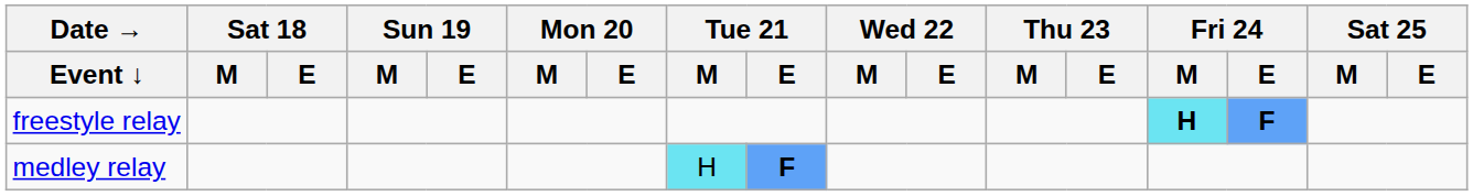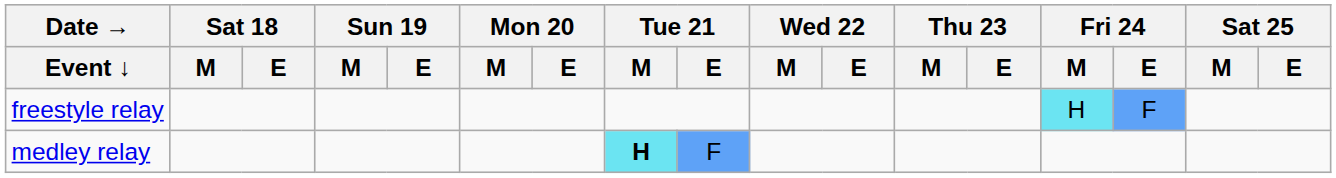 <table class="wikitable" style="margin:0.5em auto; font-size:95%; line-height:1.25em;">
 <tr style="text-align:center;">
 <th>Date →</th>
 <th colspan="2">Sat 18</th>
 <th colspan="2">Sun 19</th>
 <th colspan="2">Mon 20</th>
 <th colspan="2">Tue 21</th>
 <th colspan="2">Wed 22</th>
 <th colspan="2">Thu 23</th>
 <th colspan="2">Fri 24</th>
 <th colspan="2">Sat 25</th>
 </tr>
 <tr>
 <th>Event   ↓</th>
 <th style="width:2.5em;">M</th>
 <th style="width:2.5em;">E</th>
 <th style="width:2.5em;">M</th>
 <th style="width:2.5em;">E</th>
 <th style="width:2.5em;">M</th>
 <th style="width:2.5em;">E</th>
 <th style="width:2.5em;">M</th>
 <th style="width:2.5em;">E</th>
 <th style="width:2.5em;">M</th>
 <th style="width:2.5em;">E</th>
 <th style="width:2.5em;">M</th>
 <th style="width:2.5em;">E</th>
 <th style="width:2.5em;">M</th>
 <th style="width:2.5em;">E</th>
 <th style="width:2.5em;">M</th>
 <th style="width:2.5em;">E</th>
 </tr>
 <tr style="text-align:center;">
 <td style="text-align:left;"><a href='#'> freestyle relay</a></td>
 <td colspan="2"></td>
 <td colspan="2"></td>
 <td colspan="2"></td>
 <td colspan="2"></td>
 <td colspan="2"></td>
 <td colspan="2"></td>
-<td style="background-color:#6be4f2;"><strong>H</strong></td>
-<td style="background-color:#5ea2f7;"><strong>F</strong></td>
+<td style="background-color:#6be4f2;">H</td>
+<td style="background-color:#5ea2f7;">F</td>
 <td colspan="2"></td>
 </tr>
 <tr style="text-align:center;">
 <td style="text-align:left;"><a href='#'> medley relay</a></td>
 <td colspan="2"></td>
 <td colspan="2"></td>
 <td colspan="2"></td>
-<td style="background-color:#6be4f2;">H</td>
-<td style="background-color:#5ea2f7;"><strong>F</strong></td>
+<td style="background-color:#6be4f2;"><strong>H</strong></td>
+<td style="background-color:#5ea2f7;">F</td>
 <td colspan="2"></td>
 <td colspan="2"></td>
 <td colspan="2"></td>
 <td colspan="2"></td>
 </tr>
 </table>
